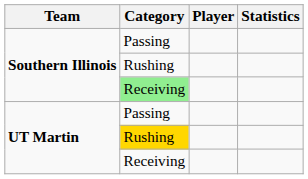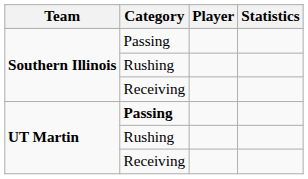 <table class="wikitable" style="float: right;">
 <tr>
 <th>Team</th>
 <th>Category</th>
 <th>Player</th>
 <th>Statistics</th>
 </tr>
 <tr>
 <td rowspan=3><strong>Southern Illinois</strong></td>
 <td>Passing</td>
 <td></td>
 <td></td>
 </tr>
 <tr>
 <td>Rushing</td>
 <td></td>
 <td></td>
 </tr>
 <tr>
-<td style="background: lightgreen;">Receiving</td>
+<td>Receiving</td>
 <td></td>
 <td></td>
 </tr>
 <tr>
 <td rowspan=3><strong>UT Martin</strong></td>
-<td>Passing</td>
+<td><strong>Passing</strong></td>
 <td></td>
 <td></td>
 </tr>
 <tr>
-<td style="background: gold;">Rushing</td>
+<td>Rushing</td>
 <td></td>
 <td></td>
 </tr>
 <tr>
 <td>Receiving</td>
 <td></td>
 <td></td>
 </tr>
 </table>
